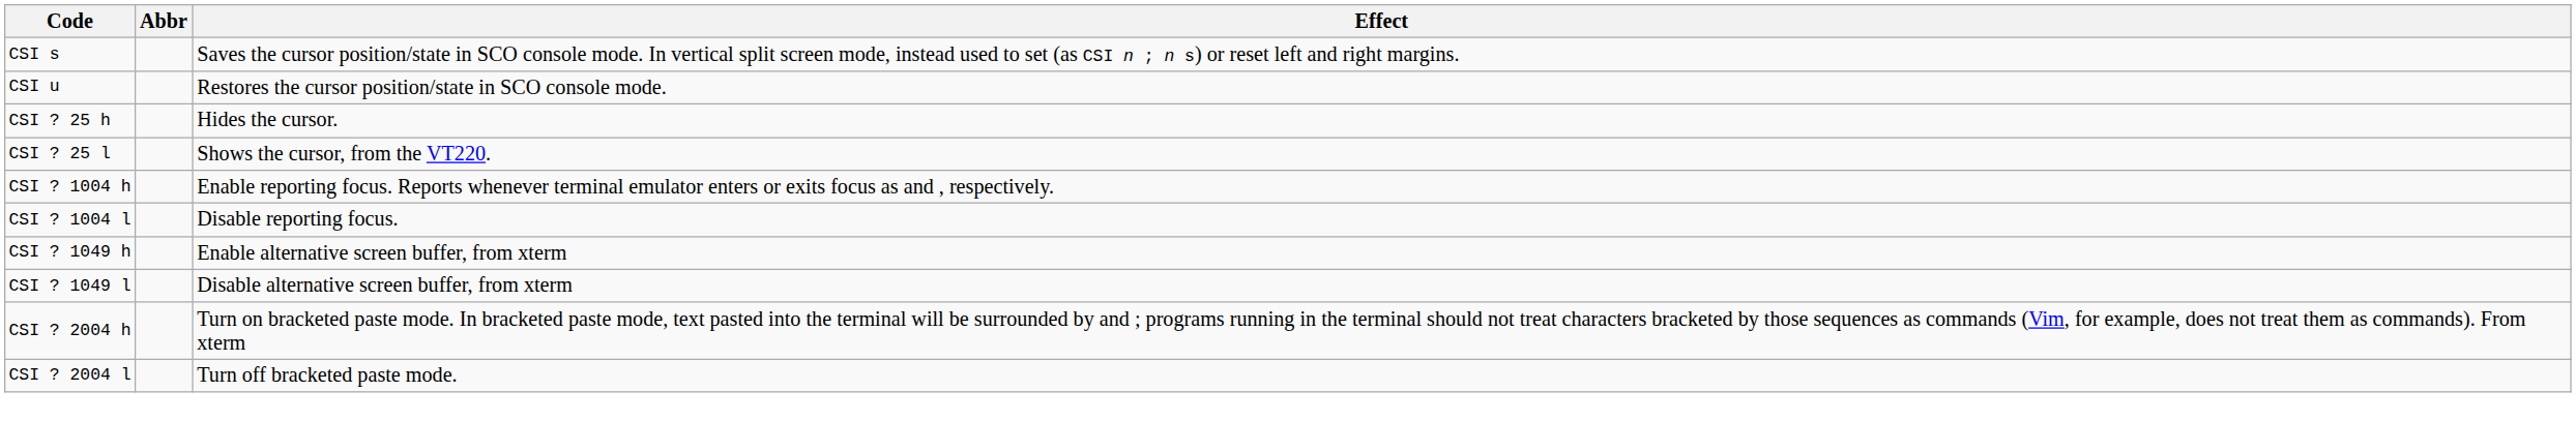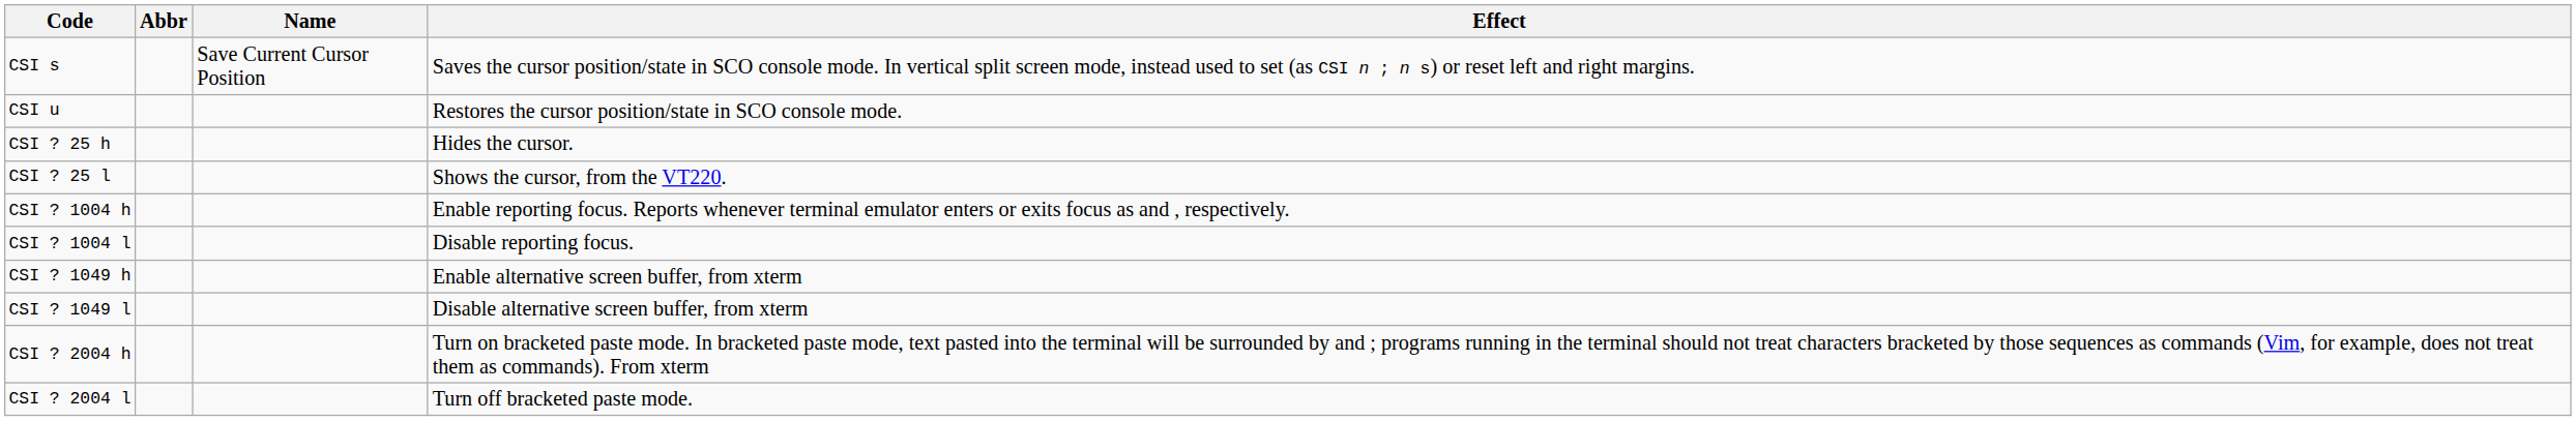 <table class="wikitable">
 <tr>
 <th>Code</th>
 <th>Abbr</th>
+<th>Name</th>
 <th>Effect</th>
 </tr>
 <tr id=SCP>
 <td style="font-family:monospace;">CSI s</td>
 <td></td>
+<td>Save Current Cursor Position</td>
 <td>Saves the cursor position/state in SCO console mode. In vertical split screen mode, instead used to set (as <code>CSI <var>n</var> ; <var>n</var> s</code>) or reset left and right margins.</td>
 </tr>
 <tr id=RCP>
 <td style="font-family:monospace;">CSI u</td>
+<td></td>
 <td></td>
 <td>Restores the cursor position/state in SCO console mode.</td>
 </tr>
 <tr>
 <td style="font-family:monospace;">CSI ? 25 h</td>
 <td></td>
+<td></td>
 <td>Hides the cursor.</td>
 </tr>
 <tr>
 <td style="font-family:monospace;">CSI ? 25 l</td>
+<td></td>
 <td></td>
 <td>Shows the cursor, from the <a href='#'>VT220</a>.</td>
 </tr>
 <tr>
 <td style="font-family:monospace;">CSI ? 1004 h</td>
 <td></td>
+<td></td>
 <td>Enable reporting focus. Reports whenever terminal emulator enters or exits focus as  and , respectively.</td>
 </tr>
 <tr>
 <td style="font-family:monospace;">CSI ? 1004 l</td>
+<td></td>
 <td></td>
 <td>Disable reporting focus.</td>
 </tr>
 <tr>
 <td style="font-family:monospace;">CSI ? 1049 h</td>
 <td></td>
+<td></td>
 <td>Enable alternative screen buffer, from xterm</td>
 </tr>
 <tr>
 <td style="font-family:monospace;">CSI ? 1049 l</td>
+<td></td>
 <td></td>
 <td>Disable alternative screen buffer, from xterm</td>
 </tr>
 <tr>
 <td style="font-family:monospace;">CSI ? 2004 h</td>
 <td></td>
+<td></td>
 <td>Turn on bracketed paste mode. In bracketed paste mode, text pasted into the terminal will be surrounded by  and ; programs running in the terminal should not treat characters bracketed by those sequences as commands (<a href='#'>Vim</a>, for example, does not treat them as commands). From xterm</td>
 </tr>
 <tr>
 <td style="font-family:monospace;">CSI ? 2004 l</td>
 <td></td>
+<td></td>
 <td>Turn off bracketed paste mode.</td>
 </tr>
 </table>
